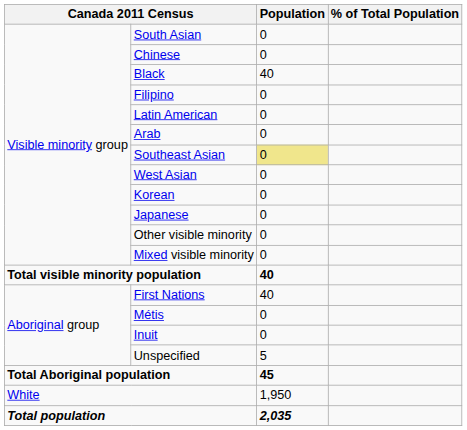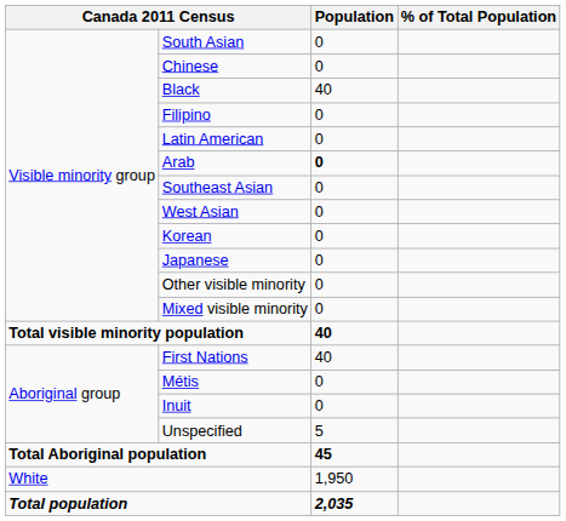 <table class="wikitable">
 <tr>
 <th colspan="2">Canada 2011 Census</th>
 <th>Population</th>
 <th>% of Total Population</th>
 </tr>
 <tr>
 <td rowspan="12"><a href='#'>Visible minority</a> group</td>
 <td><a href='#'>South Asian</a></td>
 <td>0</td>
 <td></td>
 </tr>
 <tr>
 <td><a href='#'>Chinese</a></td>
 <td>0</td>
 <td></td>
 </tr>
 <tr>
 <td><a href='#'>Black</a></td>
 <td>40</td>
 <td></td>
 </tr>
 <tr>
 <td><a href='#'>Filipino</a></td>
 <td>0</td>
 <td></td>
 </tr>
 <tr>
 <td><a href='#'>Latin American</a></td>
 <td>0</td>
 <td></td>
 </tr>
 <tr>
 <td><a href='#'>Arab</a></td>
-<td>0</td>
+<td><strong>0</strong></td>
 <td></td>
 </tr>
 <tr>
 <td><a href='#'>Southeast Asian</a></td>
-<td style="background: khaki;">0</td>
+<td>0</td>
 <td></td>
 </tr>
 <tr>
 <td><a href='#'>West Asian</a></td>
 <td>0</td>
 <td></td>
 </tr>
 <tr>
 <td><a href='#'>Korean</a></td>
 <td>0</td>
 <td></td>
 </tr>
 <tr>
 <td><a href='#'>Japanese</a></td>
 <td>0</td>
 <td></td>
 </tr>
 <tr>
 <td>Other visible minority</td>
 <td>0</td>
 <td></td>
 </tr>
 <tr>
 <td><a href='#'>Mixed</a> visible minority</td>
 <td>0</td>
 <td></td>
 </tr>
 <tr>
 <td colspan="2"><strong>Total visible minority population</strong></td>
 <td><strong>40</strong></td>
 <td><strong></strong></td>
 </tr>
 <tr>
 <td rowspan="4"><a href='#'>Aboriginal</a> group</td>
 <td><a href='#'>First Nations</a></td>
 <td>40</td>
 <td></td>
 </tr>
 <tr>
 <td><a href='#'>Métis</a></td>
 <td>0</td>
 <td></td>
 </tr>
 <tr>
 <td><a href='#'>Inuit</a></td>
 <td>0</td>
 <td></td>
 </tr>
 <tr>
 <td>Unspecified</td>
 <td>5</td>
 <td></td>
 </tr>
 <tr>
 <td colspan="2"><strong>Total Aboriginal population</strong></td>
 <td><strong>45</strong></td>
 <td><strong></strong></td>
 </tr>
 <tr>
 <td colspan="2"><a href='#'>White</a></td>
 <td>1,950</td>
 <td></td>
 </tr>
 <tr>
 <td colspan="2"><strong><em>Total population</em></strong></td>
 <td><strong><em>2,035</em></strong></td>
 <td><strong><em></em></strong></td>
 </tr>
 </table>
